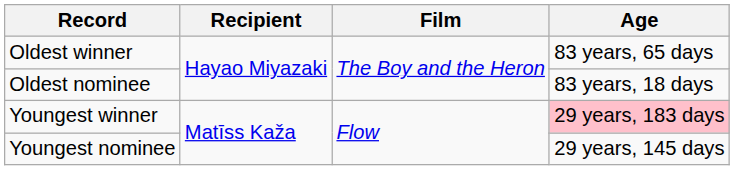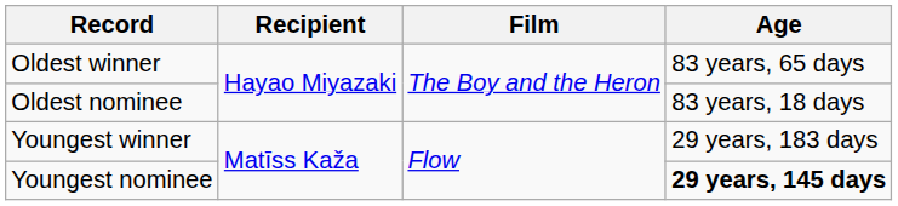 <table class="wikitable">
 <tr>
 <th scope="col">Record</th>
 <th scope="col">Recipient</th>
 <th scope="col">Film</th>
 <th scope="col">Age</th>
 </tr>
 <tr>
 <td>Oldest winner</td>
 <td rowspan="2"><a href='#'>Hayao Miyazaki</a></td>
 <td rowspan="2"><em><a href='#'>The Boy and the Heron</a></em></td>
 <td>83 years, 65 days</td>
 </tr>
 <tr>
 <td>Oldest nominee</td>
 <td>83 years, 18 days</td>
 </tr>
 <tr>
 <td>Youngest winner</td>
 <td rowspan="2"><a href='#'>Matīss Kaža</a></td>
 <td rowspan="2"><em><a href='#'>Flow</a></em></td>
-<td style="background: pink;">29 years, 183 days</td>
+<td>29 years, 183 days</td>
 </tr>
 <tr>
 <td>Youngest nominee</td>
-<td>29 years, 145 days</td>
+<td><strong>29 years, 145 days</strong></td>
 </tr>
 </table>
